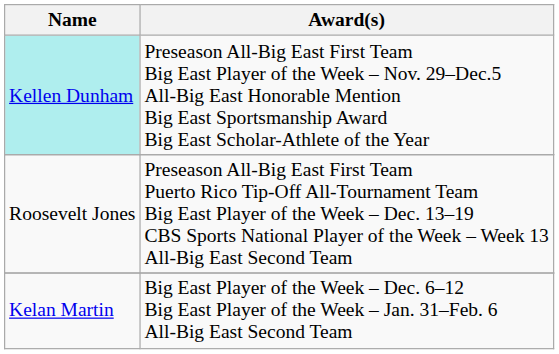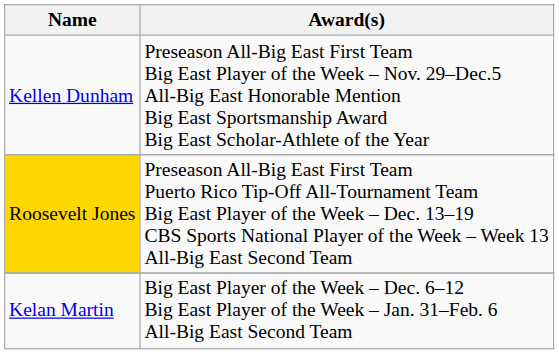 <table class="wikitable sortable" border="1">
 <tr>
 <th>Name</th>
 <th>Award(s)</th>
 </tr>
 <tr>
-<td style="background: paleturquoise;"><a href='#'>Kellen Dunham</a></td>
+<td><a href='#'>Kellen Dunham</a></td>
 <td>Preseason All-Big East First Team<br>Big East Player of the Week – Nov. 29–Dec.5<br>All-Big East Honorable Mention<br>Big East Sportsmanship Award<br>Big East Scholar-Athlete of the Year</td>
 </tr>
 <tr>
 </tr>
 <tr>
-<td>Roosevelt Jones</td>
+<td style="background: gold;">Roosevelt Jones</td>
 <td>Preseason All-Big East First Team<br>Puerto Rico Tip-Off All-Tournament Team<br>Big East Player of the Week – Dec. 13–19<br>CBS Sports National Player of the Week – Week 13<br>All-Big East Second Team</td>
 </tr>
 <tr>
 </tr>
 <tr>
 <td><a href='#'>Kelan Martin</a></td>
 <td>Big East Player of the Week – Dec. 6–12<br>Big East Player of the Week – Jan. 31–Feb. 6<br>All-Big East Second Team</td>
 </tr>
 </table>
